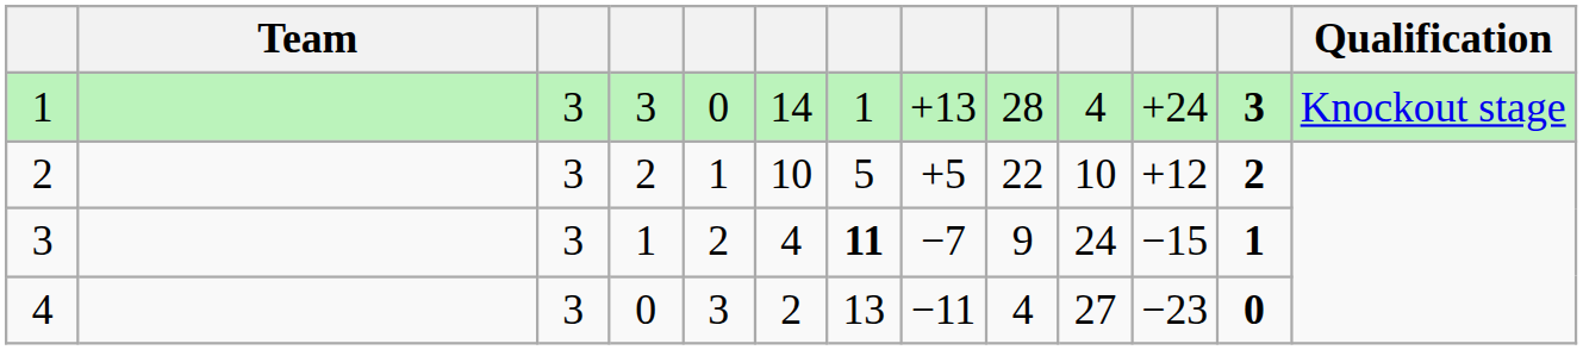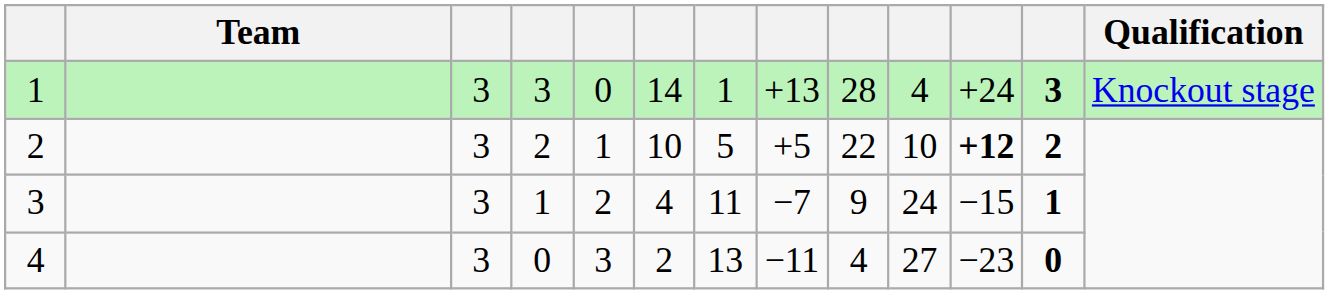 <table class="wikitable" style="text-align:center;">
 <tr>
 <th width="20"></th>
 <th width="165">Team</th>
 <th width="20"></th>
 <th width="20"></th>
 <th width="20"></th>
 <th width="20"></th>
 <th width="20"></th>
 <th width="20"></th>
 <th width="20"></th>
 <th width="20"></th>
 <th width="20"></th>
 <th width="20"></th>
 <th width="100">Qualification</th>
 </tr>
 <tr bgcolor="bbf3bb">
 <td>1</td>
 <td align="left"></td>
 <td>3</td>
 <td>3</td>
 <td>0</td>
 <td>14</td>
 <td>1</td>
 <td>+13</td>
 <td>28</td>
 <td>4</td>
 <td>+24</td>
 <td><strong>3</strong></td>
 <td><a href='#'>Knockout stage</a></td>
 </tr>
 <tr>
 <td>2</td>
 <td align="left"></td>
 <td>3</td>
 <td>2</td>
 <td>1</td>
 <td>10</td>
 <td>5</td>
 <td>+5</td>
 <td>22</td>
 <td>10</td>
-<td>+12</td>
+<td><strong>+12</strong></td>
 <td><strong>2</strong></td>
 <td rowspan="3"></td>
 </tr>
 <tr>
 <td>3</td>
 <td align="left"></td>
 <td>3</td>
 <td>1</td>
 <td>2</td>
 <td>4</td>
-<td><strong>11</strong></td>
+<td>11</td>
 <td>−7</td>
 <td>9</td>
 <td>24</td>
 <td>−15</td>
 <td><strong>1</strong></td>
 </tr>
 <tr>
 <td>4</td>
 <td align="left"></td>
 <td>3</td>
 <td>0</td>
 <td>3</td>
 <td>2</td>
 <td>13</td>
 <td>−11</td>
 <td>4</td>
 <td>27</td>
 <td>−23</td>
 <td><strong>0</strong></td>
 </tr>
 </table>
